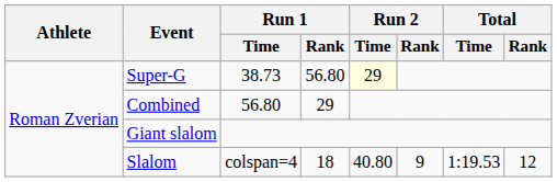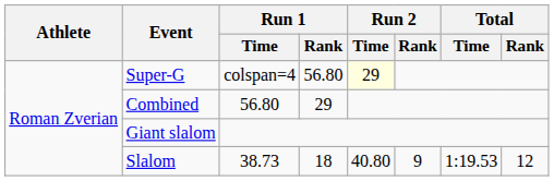 <table class="wikitable" style="font-size:90%; text-align:center;">
 <tr>
 <th rowspan=2>Athlete</th>
 <th rowspan=2>Event</th>
 <th colspan=2>Run 1</th>
 <th colspan=2>Run 2</th>
 <th colspan=2>Total</th>
 </tr>
 <tr style="font-size:95%">
 <th>Time</th>
 <th>Rank</th>
 <th>Time</th>
 <th>Rank</th>
 <th>Time</th>
 <th>Rank</th>
 </tr>
 <tr>
 <td rowspan=4><a href='#'>Roman Zverian</a></td>
 <td align=left><a href='#'>Super-G</a></td>
-<td>38.73</td>
+<td>colspan=4 </td>
 <td>56.80</td>
 <td style="background: lightyellow;">29</td>
 </tr>
 <tr>
 <td align=left><a href='#'>Combined</a></td>
 <td>56.80</td>
 <td>29</td>
 <td colspan=4></td>
 </tr>
 <tr>
 <td align=left><a href='#'>Giant slalom</a></td>
 <td colspan=6></td>
 </tr>
 <tr>
 <td align=left><a href='#'>Slalom</a></td>
-<td>colspan=4 </td>
+<td>38.73</td>
 <td>18</td>
 <td>40.80</td>
 <td>9</td>
 <td>1:19.53</td>
 <td>12</td>
 </tr>
 </table>
